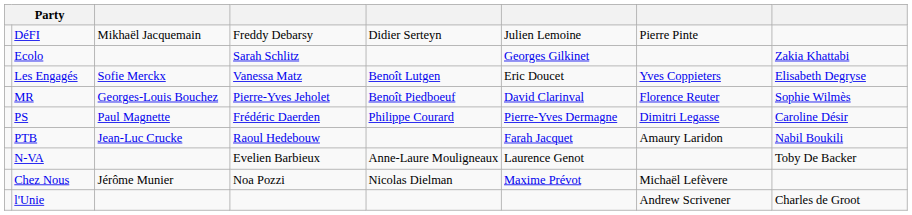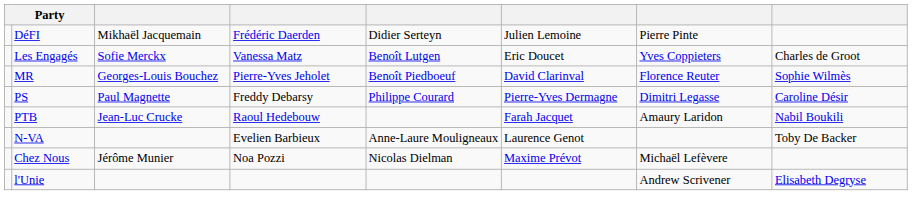 <table class="wikitable" style="font-size:95%;">
 <tr>
 <th colspan="2" style="width:10%;">Party</th>
 <th style="width:15%;"></th>
 <th style="width:15%;"></th>
 <th style="width:15%;"></th>
 <th style="width:15%;"></th>
 <th style="width:15%;"></th>
 <th style="width:15%;"></th>
 </tr>
 <tr>
 <td style="background-color: "></td>
 <td><a href='#'>DéFI</a></td>
 <td>Mikhaël Jacquemain</td>
-<td>Freddy Debarsy</td>
+<td><a href='#'>Frédéric Daerden</a></td>
 <td>Didier Serteyn</td>
 <td>Julien Lemoine</td>
 <td>Pierre Pinte</td>
 <td></td>
-</tr>
-<tr>
-<td style="background-color: "></td>
-<td><a href='#'>Ecolo</a></td>
-<td></td>
-<td><a href='#'>Sarah Schlitz</a></td>
-<td></td>
-<td><a href='#'>Georges Gilkinet</a></td>
-<td></td>
-<td><a href='#'>Zakia Khattabi</a></td>
 </tr>
 <tr>
 <td style="background-color: "></td>
 <td><a href='#'>Les Engagés</a></td>
 <td><a href='#'>Sofie Merckx</a></td>
 <td><a href='#'>Vanessa Matz</a></td>
 <td><a href='#'>Benoît Lutgen</a></td>
 <td>Eric Doucet</td>
 <td><a href='#'>Yves Coppieters</a></td>
-<td><a href='#'>Elisabeth Degryse</a></td>
+<td>Charles de Groot</td>
 </tr>
 <tr>
 <td style="background-color: "></td>
 <td><a href='#'>MR</a></td>
 <td><a href='#'>Georges-Louis Bouchez</a></td>
 <td><a href='#'>Pierre-Yves Jeholet</a></td>
 <td><a href='#'>Benoît Piedboeuf</a></td>
 <td><a href='#'>David Clarinval</a></td>
 <td><a href='#'>Florence Reuter</a></td>
 <td><a href='#'>Sophie Wilmès</a></td>
 </tr>
 <tr>
 <td style="background-color: "></td>
 <td><a href='#'>PS</a></td>
 <td><a href='#'>Paul Magnette</a></td>
-<td><a href='#'>Frédéric Daerden</a></td>
+<td>Freddy Debarsy</td>
 <td><a href='#'>Philippe Courard</a></td>
 <td><a href='#'>Pierre-Yves Dermagne</a></td>
 <td><a href='#'>Dimitri Legasse</a></td>
 <td><a href='#'>Caroline Désir</a></td>
 </tr>
 <tr>
 <td style="background-color: "></td>
 <td><a href='#'>PTB</a></td>
 <td><a href='#'>Jean-Luc Crucke</a></td>
 <td><a href='#'>Raoul Hedebouw</a></td>
 <td></td>
 <td><a href='#'>Farah Jacquet</a></td>
 <td>Amaury Laridon</td>
 <td><a href='#'>Nabil Boukili</a></td>
 </tr>
 <tr>
 <td style="background-color: "></td>
 <td><a href='#'>N-VA</a></td>
 <td></td>
 <td>Evelien Barbieux</td>
 <td>Anne-Laure Mouligneaux</td>
 <td>Laurence Genot</td>
 <td></td>
 <td>Toby De Backer</td>
 </tr>
 <tr>
 <td style="background-color: "></td>
 <td><a href='#'>Chez Nous</a></td>
 <td>Jérôme Munier</td>
 <td>Noa Pozzi</td>
 <td>Nicolas Dielman</td>
 <td><a href='#'>Maxime Prévot</a></td>
 <td>Michaël Lefèvere</td>
 <td></td>
 </tr>
 <tr>
 <td></td>
 <td><a href='#'>l'Unie</a></td>
 <td></td>
 <td></td>
 <td></td>
 <td></td>
 <td>Andrew Scrivener</td>
-<td>Charles de Groot</td>
+<td><a href='#'>Elisabeth Degryse</a></td>
 </tr>
 </table>
